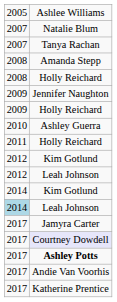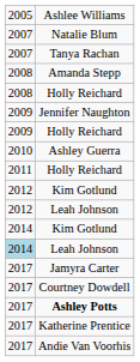 <table class="wikitable">
 <tr>
 <td>2005</td>
 <td style="text-align: center;">Ashlee Williams</td>
 </tr>
 <tr>
 <td>2007</td>
 <td style="text-align: center;">Natalie Blum</td>
 </tr>
 <tr>
 <td>2007</td>
 <td style="text-align: center;">Tanya Rachan</td>
 </tr>
 <tr>
 <td>2008</td>
 <td style="text-align: center;">Amanda Stepp</td>
 </tr>
 <tr>
 <td>2008</td>
 <td style="text-align: center;">Holly Reichard</td>
 </tr>
 <tr>
 <td>2009</td>
 <td style="text-align: center;">Jennifer Naughton</td>
 </tr>
 <tr>
 <td>2009</td>
 <td style="text-align: center;">Holly Reichard</td>
 </tr>
 <tr>
 <td>2010</td>
 <td style="text-align: center;">Ashley Guerra</td>
 </tr>
 <tr>
 <td>2011</td>
 <td style="text-align: center;">Holly Reichard</td>
 </tr>
 <tr>
 <td>2012</td>
 <td style="text-align: center;">Kim Gotlund</td>
 </tr>
 <tr>
 <td>2012</td>
 <td style="text-align: center;">Leah Johnson</td>
 </tr>
 <tr>
 <td>2014</td>
 <td style="text-align: center;">Kim Gotlund</td>
 </tr>
 <tr>
 <td style="background: lightblue;">2014</td>
 <td style="text-align: center;">Leah Johnson</td>
 </tr>
 <tr>
 <td>2017</td>
 <td style="text-align: center;">Jamyra Carter</td>
 </tr>
 <tr>
 <td>2017</td>
-<td style="background: lavender; text-align: center;">Courtney Dowdell</td>
+<td style="text-align: center;">Courtney Dowdell</td>
 </tr>
 <tr>
 <td>2017</td>
 <td style="text-align: center;"><strong>Ashley Potts</strong></td>
 </tr>
 <tr>
 <td>2017</td>
-<td style="text-align: center;">Andie Van Voorhis</td>
+<td style="text-align: center;">Katherine Prentice</td>
 </tr>
 <tr>
 <td>2017</td>
-<td style="text-align: center;">Katherine Prentice</td>
+<td style="text-align: center;">Andie Van Voorhis</td>
 </tr>
 </table>
